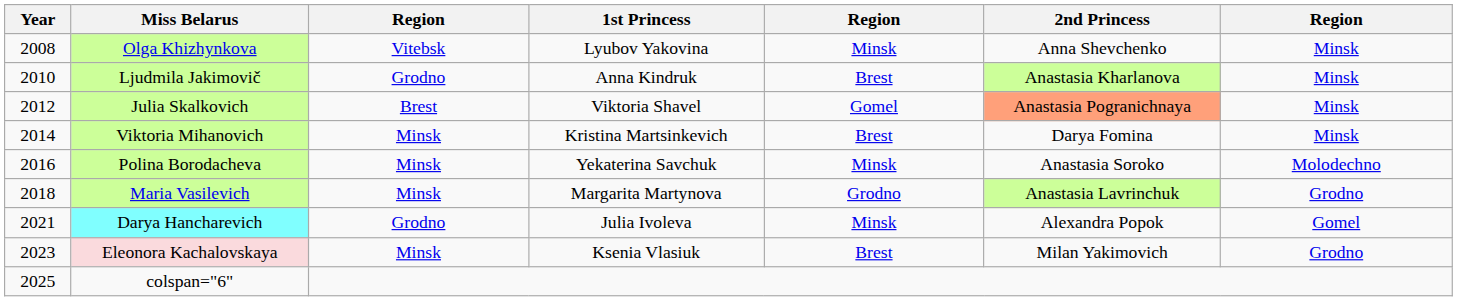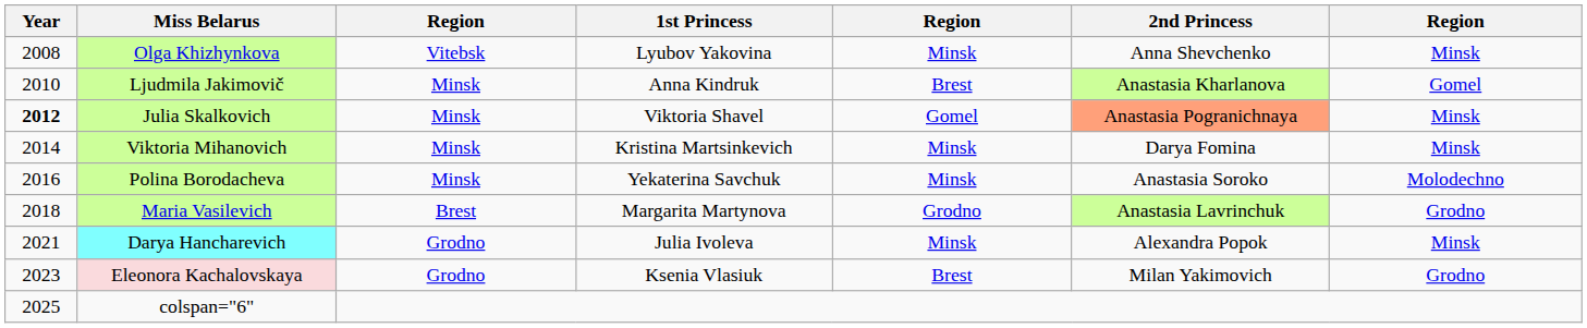 <table class="wikitable sortable" style="font-size: 95%; text-align:center">
 <tr>
 <th width="60">Year</th>
 <th width="250">Miss Belarus</th>
 <th width="250">Region</th>
 <th width="250">1st Princess</th>
 <th width="250">Region</th>
 <th width="250">2nd Princess</th>
 <th width="250">Region</th>
 </tr>
 <tr>
 <td>2008</td>
 <td style="background:#ccff99;"><a href='#'>Olga Khizhynkova</a></td>
 <td><a href='#'>Vitebsk</a></td>
 <td>Lyubov Yakovina</td>
 <td><a href='#'>Minsk</a></td>
 <td>Anna Shevchenko</td>
 <td><a href='#'>Minsk</a></td>
 </tr>
 <tr>
 <td>2010</td>
 <td style="background:#ccff99;">Ljudmila Jakimovič</td>
-<td><a href='#'>Grodno</a></td>
+<td><a href='#'>Minsk</a></td>
 <td>Anna Kindruk</td>
 <td><a href='#'>Brest</a></td>
 <td style="background:#ccff99;">Anastasia Kharlanova</td>
-<td><a href='#'>Minsk</a></td>
+<td><a href='#'>Gomel</a></td>
 </tr>
 <tr>
-<td>2012</td>
+<td><strong>2012</strong></td>
 <td style="background:#ccff99;">Julia Skalkovich</td>
-<td><a href='#'>Brest</a></td>
+<td><a href='#'>Minsk</a></td>
 <td>Viktoria Shavel</td>
 <td><a href='#'>Gomel</a></td>
 <td style="background:#FFA07A;">Anastasia Pogranichnaya</td>
 <td><a href='#'>Minsk</a></td>
 </tr>
 <tr>
 <td>2014</td>
 <td style="background:#ccff99;">Viktoria Mihanovich</td>
 <td><a href='#'>Minsk</a></td>
 <td>Kristina Martsinkevich</td>
-<td><a href='#'>Brest</a></td>
+<td><a href='#'>Minsk</a></td>
 <td>Darya Fomina</td>
 <td><a href='#'>Minsk</a></td>
 </tr>
 <tr>
 <td>2016</td>
 <td style="background:#ccff99;">Polina Borodacheva</td>
 <td><a href='#'>Minsk</a></td>
 <td>Yekaterina Savchuk</td>
 <td><a href='#'>Minsk</a></td>
 <td>Anastasia Soroko</td>
 <td><a href='#'>Molodechno</a></td>
 </tr>
 <tr>
 <td>2018</td>
 <td style="background:#ccff99;"><a href='#'>Maria Vasilevich</a></td>
-<td><a href='#'>Minsk</a></td>
+<td><a href='#'>Brest</a></td>
 <td>Margarita Martynova</td>
 <td><a href='#'>Grodno</a></td>
 <td style="background:#ccff99;">Anastasia Lavrinchuk</td>
 <td><a href='#'>Grodno</a></td>
 </tr>
 <tr>
 <td>2021</td>
 <td style="background:#80FFFF;">Darya Hancharevich</td>
 <td><a href='#'>Grodno</a></td>
 <td>Julia Ivoleva</td>
 <td><a href='#'>Minsk</a></td>
 <td>Alexandra Popok</td>
-<td><a href='#'>Gomel</a></td>
+<td><a href='#'>Minsk</a></td>
 </tr>
 <tr>
 <td>2023</td>
 <td style="background:#fadadd;">Eleonora Kachalovskaya</td>
-<td><a href='#'>Minsk</a></td>
+<td><a href='#'>Grodno</a></td>
 <td>Ksenia Vlasiuk</td>
 <td><a href='#'>Brest</a></td>
 <td>Milan Yakimovich</td>
 <td><a href='#'>Grodno</a></td>
 </tr>
 <tr>
 <td>2025</td>
 <td>colspan="6" </td>
 </tr>
 </table>
